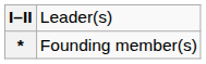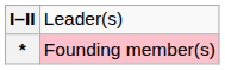 <table class="wikitable">
 <tr>
 <th>I–II</th>
 <td>Leader(s)</td>
 </tr>
 <tr>
 <th>*</th>
-<td>Founding member(s)</td>
+<td style="background: pink;">Founding member(s)</td>
 </tr>
 </table>
